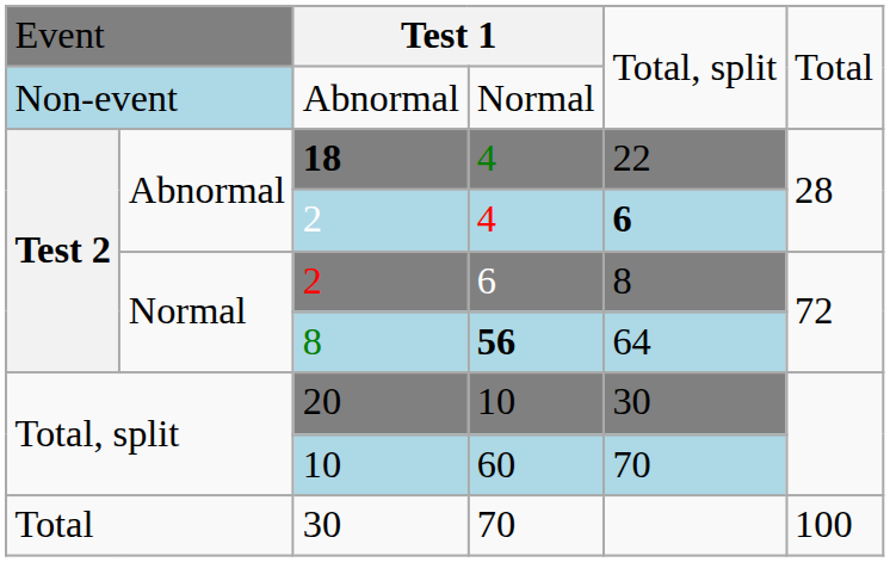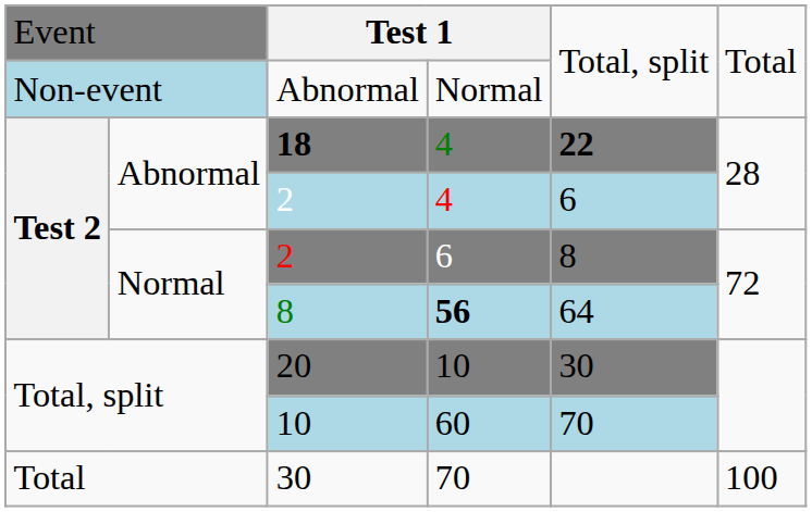 <table class="wikitable">
 <tr>
 <td colspan="2" style="background: gray">Event</td>
 <th colspan="2">Test 1</th>
 <td rowspan="2">Total, split</td>
 <td rowspan="2">Total</td>
 </tr>
 <tr>
 <td colspan="2" style="background: lightblue">Non-event</td>
 <td>Abnormal</td>
 <td>Normal</td>
 </tr>
 <tr>
 <th rowspan="4">Test 2</th>
 <td rowspan="2">Abnormal</td>
 <td style="background: gray"><strong>18</strong></td>
 <td style="background: gray; color:green">4</td>
-<td style="background: gray">22</td>
+<td style="background: gray"><strong>22</strong></td>
 <td rowspan="2">28</td>
 </tr>
 <tr>
 <td style="background: lightblue; color:white">2</td>
 <td style="background: lightblue; color:red">4</td>
-<td style="background: lightblue"><strong>6</strong></td>
+<td style="background: lightblue">6</td>
 </tr>
 <tr>
 <td rowspan="2">Normal</td>
 <td style="background: gray; color:red">2</td>
 <td style="background: gray; color:white">6</td>
 <td style="background: gray">8</td>
 <td rowspan="2">72</td>
 </tr>
 <tr>
 <td style="background: lightblue; color:green">8</td>
 <td style="background: lightblue"><strong>56</strong></td>
 <td style="background: lightblue">64</td>
 </tr>
 <tr>
 <td rowspan="2" colspan="2">Total, split</td>
 <td style="background: gray">20</td>
 <td style="background: gray">10</td>
 <td style="background: gray">30</td>
 <td rowspan="2"></td>
 </tr>
 <tr>
 <td style="background: lightblue">10</td>
 <td style="background: lightblue">60</td>
 <td style="background: lightblue">70</td>
 </tr>
 <tr>
 <td colspan="2">Total</td>
 <td>30</td>
 <td>70</td>
 <td></td>
 <td>100</td>
 </tr>
 </table>
